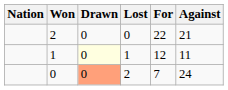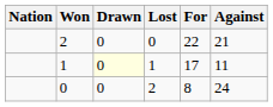 <table class="wikitable">
 <tr>
 <th>Nation</th>
 <th>Won</th>
 <th>Drawn</th>
 <th>Lost</th>
 <th>For</th>
 <th>Against</th>
 </tr>
 <tr>
 <td></td>
 <td>2</td>
 <td>0</td>
 <td>0</td>
 <td>22</td>
 <td>21</td>
 </tr>
 <tr>
 <td></td>
 <td>1</td>
 <td style="background: lightyellow;">0</td>
 <td>1</td>
-<td>12</td>
+<td>17</td>
 <td>11</td>
 </tr>
 <tr>
 <td></td>
 <td>0</td>
-<td style="background: lightsalmon;">0</td>
+<td>0</td>
 <td>2</td>
-<td>7</td>
+<td>8</td>
 <td>24</td>
 </tr>
 </table>
